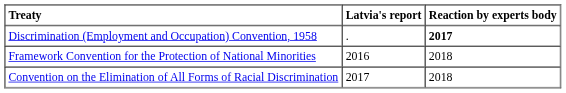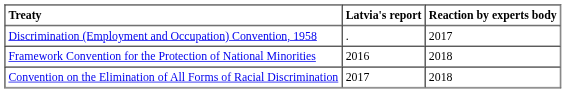 <table border=1 cellpadding=4 cellspacing=0>
 <tr>
 <td><strong>Treaty</strong></td>
 <td><strong>Latvia's report</strong></td>
 <td><strong>Reaction by experts body</strong></td>
 </tr>
 <tr>
 <td><a href='#'>Discrimination (Employment and Occupation) Convention, 1958</a></td>
 <td>.</td>
-<td><strong>2017</strong></td>
+<td>2017</td>
 </tr>
 <tr>
 <td><a href='#'>Framework Convention for the Protection of National Minorities</a></td>
 <td>2016</td>
 <td>2018</td>
 </tr>
 <tr>
 <td><a href='#'>Convention on the Elimination of All Forms of Racial Discrimination</a></td>
 <td>2017</td>
 <td>2018</td>
 </tr>
 <tr>
 </tr>
 </table>
